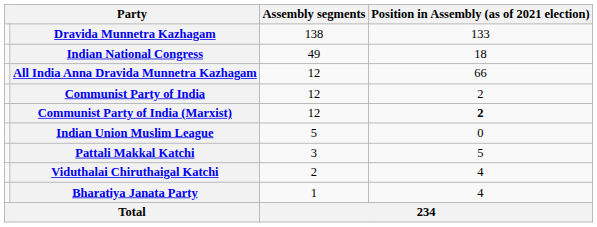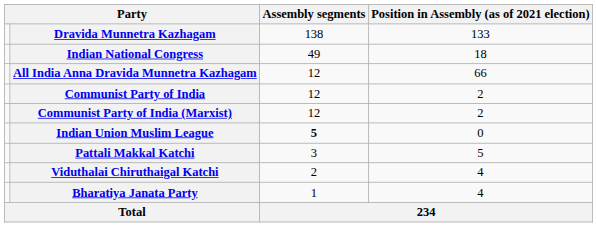 <table class="wikitable" style="text-align:center">
 <tr>
 <th colspan=2>Party</th>
 <th>Assembly segments</th>
 <th>Position in Assembly (as of 2021 election)</th>
 </tr>
 <tr>
 <td></td>
 <th><a href='#'>Dravida Munnetra Kazhagam</a></th>
 <td>138</td>
 <td>133</td>
 </tr>
 <tr>
 <td></td>
 <th><a href='#'>Indian National Congress</a></th>
 <td>49</td>
 <td>18</td>
 </tr>
 <tr>
 <td></td>
 <th><a href='#'>All India Anna Dravida Munnetra Kazhagam</a></th>
 <td>12</td>
 <td>66</td>
 </tr>
 <tr>
 <td></td>
 <th><a href='#'>Communist Party of India</a></th>
 <td>12</td>
 <td>2</td>
 </tr>
 <tr>
 <td></td>
 <th><a href='#'>Communist Party of India (Marxist)</a></th>
 <td>12</td>
-<td><strong>2</strong></td>
+<td>2</td>
 </tr>
 <tr>
 <td></td>
 <th><a href='#'>Indian Union Muslim League</a></th>
-<td>5</td>
+<td><strong>5</strong></td>
 <td>0</td>
 </tr>
 <tr>
 <td></td>
 <th><a href='#'>Pattali Makkal Katchi</a></th>
 <td>3</td>
 <td>5</td>
 </tr>
 <tr>
 <td></td>
 <th><a href='#'>Viduthalai Chiruthaigal Katchi</a></th>
 <td>2</td>
 <td>4</td>
 </tr>
 <tr>
 <td></td>
 <th><a href='#'>Bharatiya Janata Party</a></th>
 <td>1</td>
 <td>4</td>
 </tr>
 <tr>
 <th colspan=2>Total</th>
 <th colspan=2>234</th>
 </tr>
 </table>
